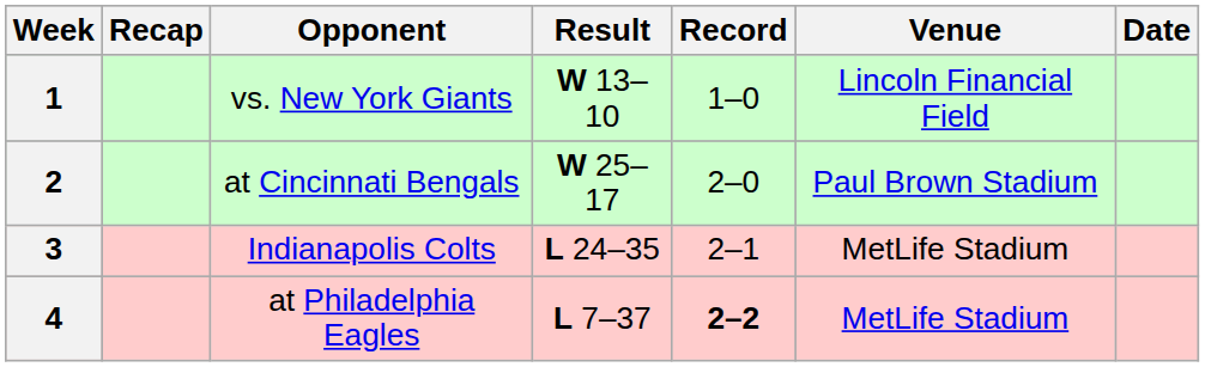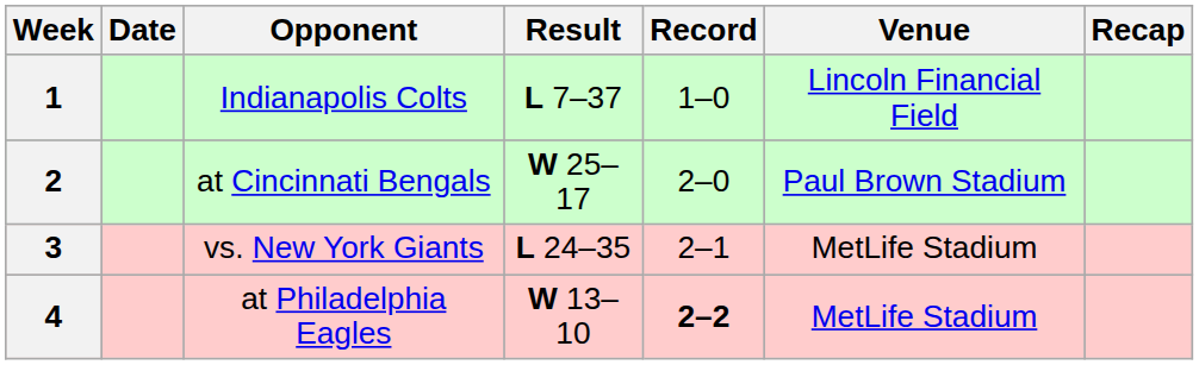 <table class="wikitable" style="text-align:center">
 <tr>
 <th>Week</th>
-<th>Recap</th>
+<th>Date</th>
 <th>Opponent</th>
 <th>Result</th>
 <th>Record</th>
 <th>Venue</th>
-<th>Date</th>
+<th>Recap</th>
 </tr>
 <tr style="background:#cfc">
 <th>1</th>
 <td></td>
-<td>vs. <a href='#'>New York Giants</a></td>
-<td><strong>W</strong> 13–10</td>
+<td><a href='#'>Indianapolis Colts</a></td>
+<td><strong>L</strong> 7–37</td>
 <td>1–0</td>
 <td><a href='#'>Lincoln Financial Field</a></td>
 <td></td>
 </tr>
 <tr style="background:#cfc">
 <th>2</th>
 <td></td>
 <td>at <a href='#'>Cincinnati Bengals</a></td>
 <td><strong>W</strong> 25–17</td>
 <td>2–0</td>
 <td><a href='#'>Paul Brown Stadium</a></td>
 <td></td>
 </tr>
 <tr style="background:#fcc">
 <th>3</th>
 <td></td>
-<td><a href='#'>Indianapolis Colts</a></td>
+<td>vs. <a href='#'>New York Giants</a></td>
 <td><strong>L</strong> 24–35</td>
 <td>2–1</td>
 <td>MetLife Stadium</td>
 <td></td>
 </tr>
 <tr style="background:#fcc">
 <th>4</th>
 <td></td>
 <td>at <a href='#'>Philadelphia Eagles</a></td>
-<td><strong>L</strong> 7–37</td>
+<td><strong>W</strong> 13–10</td>
 <td><strong>2–2</strong></td>
 <td><a href='#'>MetLife Stadium</a></td>
 <td></td>
 </tr>
 </table>
